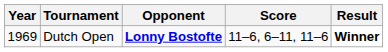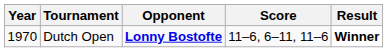 <table class="sortable wikitable" style="font-size: 90%;">
 <tr>
 <th>Year</th>
 <th>Tournament</th>
 <th>Opponent</th>
 <th>Score</th>
 <th>Result</th>
 </tr>
 <tr>
-<td align="center">1969</td>
+<td align="center">1970</td>
 <td align="left">Dutch Open</td>
 <td align="left"><strong> <a href='#'>Lonny Bostofte</a></strong></td>
 <td align="left">11–6, 6–11, 11–6</td>
 <td style="text-align:left; background:white"> <strong>Winner</strong></td>
 </tr>
 </table>
